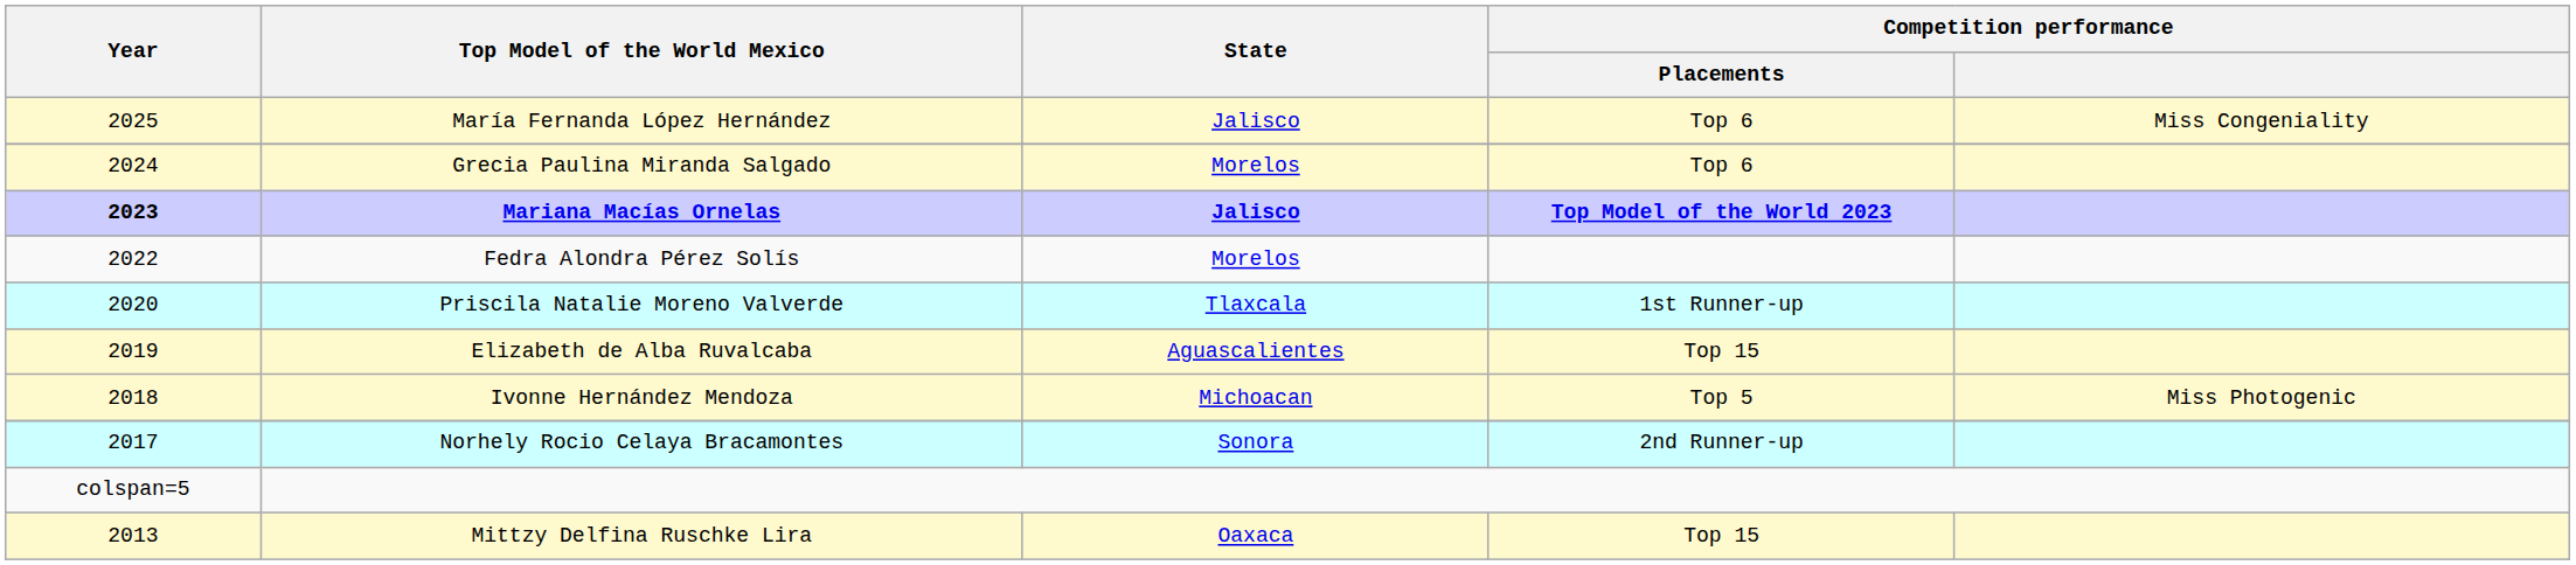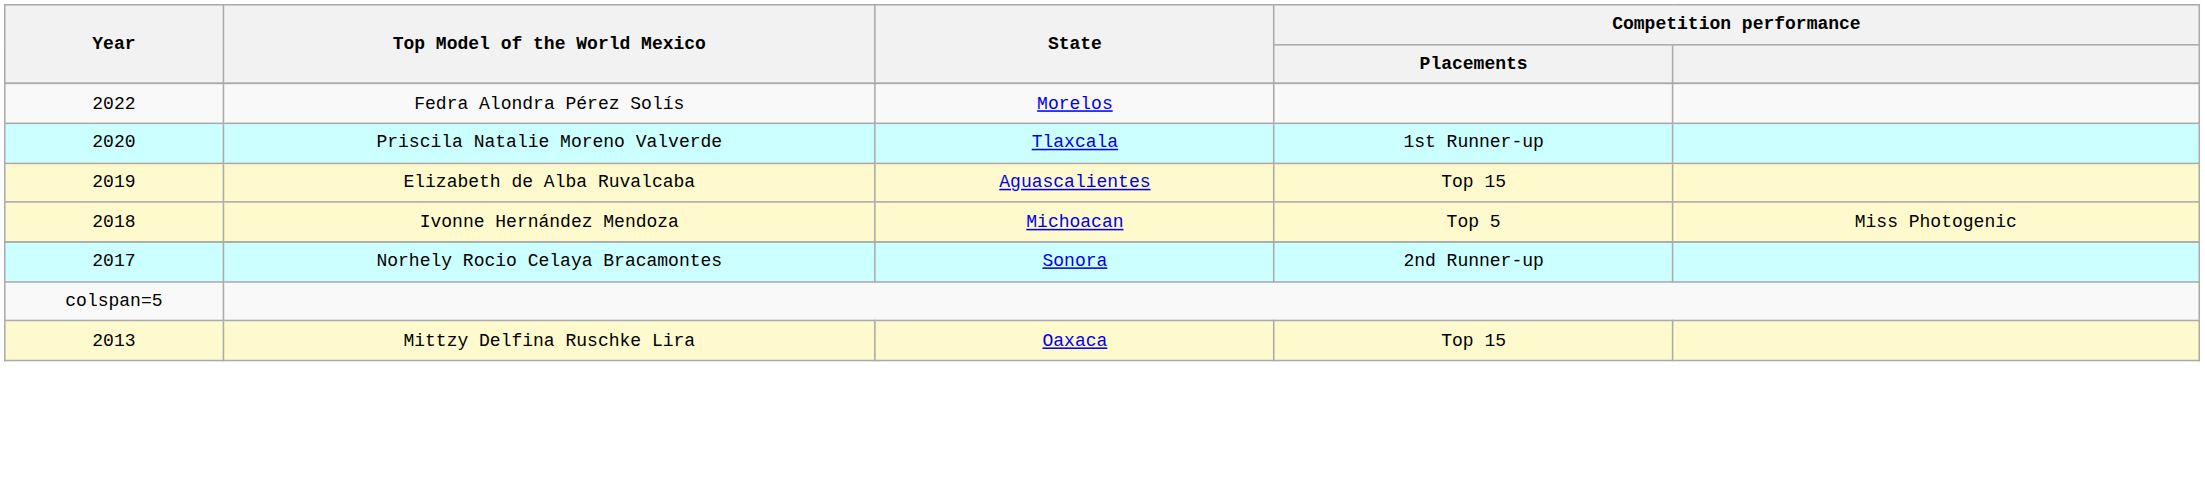 <table class="wikitable" style="text-align:center; line-height:20px; font-size:90%; width:90%;">
 <tr>
 <th rowspan="2"  width=60px>Year</th>
 <th rowspan="2"  width=200px>Top Model of the World Mexico</th>
 <th rowspan="2"  width=120px>State</th>
 <th colspan="2"  width=200px>Competition performance</th>
 </tr>
 <tr>
 <th width=120px>Placements</th>
 <th width=160px></th>
 </tr>
-<tr style="background-color:#FFFACD">
-<td>2025</td>
-<td>María Fernanda López Hernández</td>
-<td><a href='#'>Jalisco</a></td>
-<td>Top 6</td>
-<td>Miss Congeniality</td>
-</tr>
 <tr>
-</tr>
-<tr style="background-color:#FFFACD">
-<td>2024</td>
-<td>Grecia Paulina Miranda Salgado</td>
-<td><a href='#'>Morelos</a></td>
-<td>Top 6</td>
-<td></td>
-</tr>
-<tr style="background-color:#ccccff; font-weight: bold">
-<td>2023</td>
-<td><a href='#'>Mariana Macías Ornelas</a></td>
-<td><a href='#'>Jalisco</a></td>
-<td><a href='#'>Top Model of the World 2023</a></td>
-<td></td>
 </tr>
 <tr>
 <td>2022</td>
 <td>Fedra Alondra Pérez Solís</td>
 <td><a href='#'>Morelos</a></td>
 <td></td>
 <td></td>
 </tr>
 <tr style="background-color:#ccffff">
 <td>2020</td>
 <td>Priscila Natalie Moreno Valverde</td>
 <td><a href='#'>Tlaxcala</a></td>
 <td>1st Runner-up</td>
 <td></td>
 </tr>
 <tr style="background-color:#FFFACD">
 <td>2019</td>
 <td>Elizabeth de Alba Ruvalcaba</td>
 <td><a href='#'>Aguascalientes</a></td>
 <td>Top 15</td>
 <td></td>
 </tr>
 <tr style="background-color:#FFFACD">
 <td>2018</td>
 <td>Ivonne Hernández Mendoza</td>
 <td><a href='#'>Michoacan</a></td>
 <td>Top 5</td>
 <td>Miss Photogenic</td>
 </tr>
 <tr>
 </tr>
 <tr style="background-color:#ccffff">
 <td>2017</td>
 <td>Norhely Rocio Celaya Bracamontes</td>
 <td><a href='#'>Sonora</a></td>
 <td>2nd Runner-up</td>
 <td></td>
 </tr>
 <tr>
 <td>colspan=5 </td>
 </tr>
 <tr style="background-color:#FFFACD">
 <td>2013</td>
 <td>Mittzy Delfina Ruschke Lira</td>
 <td><a href='#'>Oaxaca</a></td>
 <td>Top 15</td>
 <td></td>
 </tr>
 </table>
